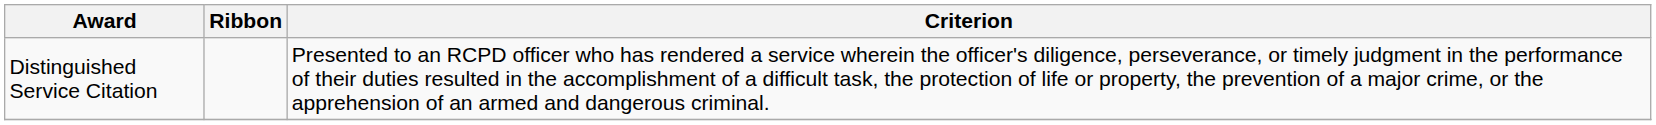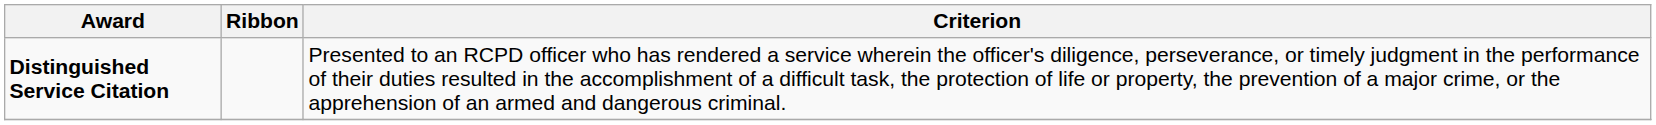 <table border="1" cellspacing="2" cellpadding="5" style="border-collapse:collapse;" class="wikitable">
 <tr>
 <th>Award</th>
 <th>Ribbon</th>
 <th>Criterion</th>
 </tr>
 <tr>
-<td>Distinguished Service Citation</td>
+<td><strong>Distinguished Service Citation</strong></td>
 <td></td>
 <td>Presented to an RCPD officer who has rendered a service wherein the officer's diligence, perseverance, or timely judgment in the performance of their duties resulted in the accomplishment of a difficult task, the protection of life or property, the prevention of a major crime, or the apprehension of an armed and dangerous criminal.</td>
 </tr>
 <tr>
 </tr>
 </table>
